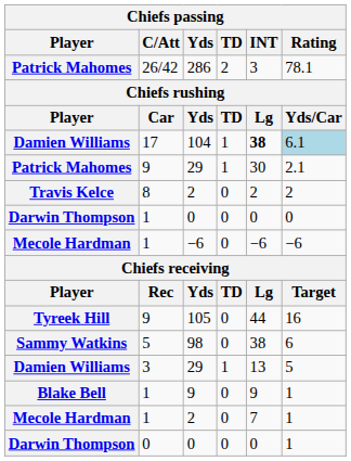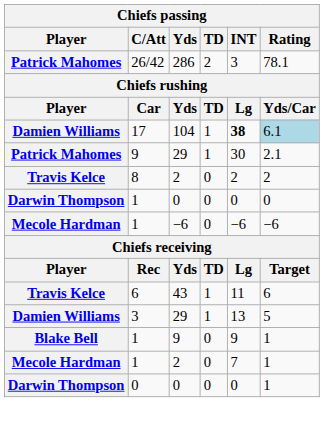 <table class="wikitable plainrowheaders">
 <tr>
 <th colspan="6">Chiefs passing</th>
 </tr>
 <tr>
 <th scope="col">Player</th>
 <th scope="col">C/Att</th>
 <th scope="col">Yds</th>
 <th scope="col">TD</th>
 <th scope="col">INT</th>
 <th scope="col">Rating</th>
 </tr>
 <tr>
 <th scope="row"><a href='#'>Patrick Mahomes</a></th>
 <td>26/42</td>
 <td>286</td>
 <td>2</td>
 <td>3</td>
 <td>78.1</td>
 </tr>
 <tr>
 <th colspan="6">Chiefs rushing</th>
 </tr>
 <tr>
 <th scope="col">Player</th>
 <th scope="col">Car</th>
 <th scope="col">Yds</th>
 <th scope="col">TD</th>
 <th scope="col">Lg</th>
 <th scope="col">Yds/Car</th>
 </tr>
 <tr>
 <th scope="row"><a href='#'>Damien Williams</a></th>
 <td>17</td>
 <td>104</td>
 <td>1</td>
 <td><strong>38</strong></td>
 <td style="background: lightblue;">6.1</td>
 </tr>
 <tr>
 <th scope="row"><a href='#'>Patrick Mahomes</a></th>
 <td>9</td>
 <td>29</td>
 <td>1</td>
 <td>30</td>
 <td>2.1</td>
 </tr>
 <tr>
 <th scope="row"><a href='#'>Travis Kelce</a></th>
 <td>8</td>
 <td>2</td>
 <td>0</td>
 <td>2</td>
 <td>2</td>
 </tr>
 <tr>
 <th scope="row"><a href='#'>Darwin Thompson</a></th>
 <td>1</td>
 <td>0</td>
 <td>0</td>
 <td>0</td>
 <td>0</td>
 </tr>
 <tr>
 <th scope="row"><a href='#'>Mecole Hardman</a></th>
 <td>1</td>
 <td>−6</td>
 <td>0</td>
 <td>−6</td>
 <td>−6</td>
 </tr>
 <tr>
 <th colspan="6">Chiefs receiving</th>
 </tr>
 <tr>
 <th scope="col">Player</th>
 <th scope="col">Rec</th>
 <th scope="col">Yds</th>
 <th scope="col">TD</th>
 <th scope="col">Lg</th>
 <th scope="col">Target</th>
 </tr>
 <tr>
-<th scope="row"><a href='#'>Tyreek Hill</a></th>
-<td>9</td>
-<td>105</td>
-<td>0</td>
-<td>44</td>
-<td>16</td>
-</tr>
-<tr>
-<th scope="row"><a href='#'>Sammy Watkins</a></th>
-<td>5</td>
-<td>98</td>
-<td>0</td>
-<td>38</td>
+<th scope="row"><a href='#'>Travis Kelce</a></th>
+<td>6</td>
+<td>43</td>
+<td>1</td>
+<td>11</td>
 <td>6</td>
 </tr>
 <tr>
 <th scope="row"><a href='#'>Damien Williams</a></th>
 <td>3</td>
 <td>29</td>
 <td>1</td>
 <td>13</td>
 <td>5</td>
 </tr>
 <tr>
 <th scope="row"><a href='#'>Blake Bell</a></th>
 <td>1</td>
 <td>9</td>
 <td>0</td>
 <td>9</td>
 <td>1</td>
 </tr>
 <tr>
 <th scope="row"><a href='#'>Mecole Hardman</a></th>
 <td>1</td>
 <td>2</td>
 <td>0</td>
 <td>7</td>
 <td>1</td>
 </tr>
 <tr>
 <th scope="row"><a href='#'>Darwin Thompson</a></th>
 <td>0</td>
 <td>0</td>
 <td>0</td>
 <td>0</td>
 <td>1</td>
 </tr>
 </table>
